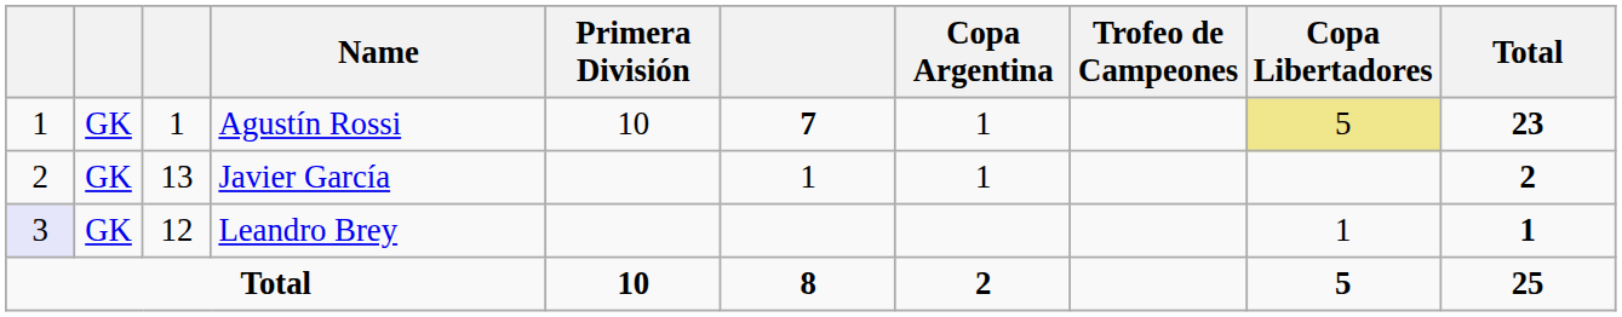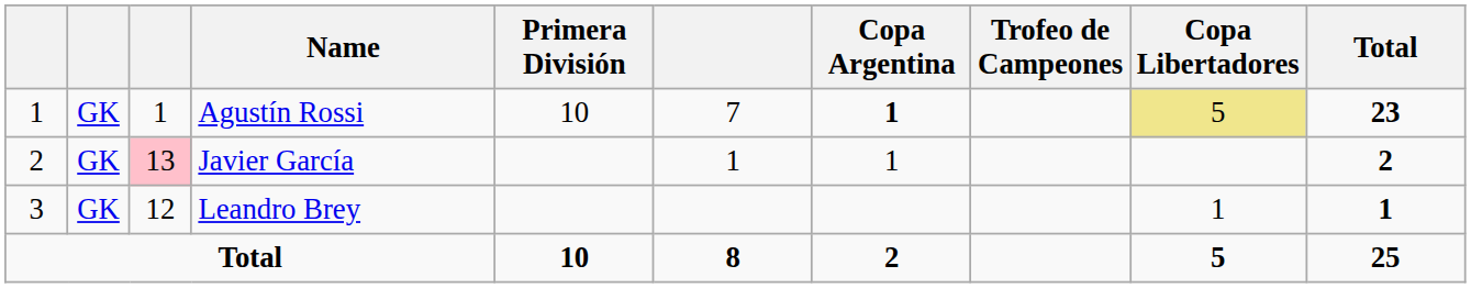 <table class="wikitable sortable" style="font-size: 95%; text-align: center;">
 <tr>
 <th width=25></th>
 <th width=25></th>
 <th width=25></th>
 <th width=150>Name</th>
 <th width= 75>Primera División</th>
 <th width= 75></th>
 <th width= 75>Copa Argentina</th>
 <th width= 75>Trofeo de Campeones</th>
 <th width= 75>Copa Libertadores</th>
 <th width= 75>Total</th>
 </tr>
 <tr>
 <td>1</td>
 <td><a href='#'>GK</a></td>
 <td>1</td>
 <td align=left> <a href='#'>Agustín Rossi</a></td>
 <td>10</td>
-<td><strong>7</strong></td>
-<td>1</td>
+<td>7</td>
+<td><strong>1</strong></td>
 <td></td>
 <td style="background: khaki;">5</td>
 <td><strong>23</strong></td>
 </tr>
 <tr>
 <td>2</td>
 <td><a href='#'>GK</a></td>
-<td>13</td>
+<td style="background: pink;">13</td>
 <td align=left> <a href='#'>Javier García</a></td>
 <td></td>
 <td>1</td>
 <td>1</td>
 <td></td>
 <td></td>
 <td><strong>2</strong></td>
 </tr>
 <tr>
-<td style="background: lavender;">3</td>
+<td>3</td>
 <td><a href='#'>GK</a></td>
 <td>12</td>
 <td align=left> <a href='#'>Leandro Brey</a></td>
 <td></td>
 <td></td>
 <td></td>
 <td></td>
 <td>1</td>
 <td><strong>1</strong></td>
 </tr>
 <tr align=center>
 <td colspan=4><strong>Total</strong></td>
 <td><strong>10</strong></td>
 <td><strong>8</strong></td>
 <td><strong>2</strong></td>
 <td><strong> </strong></td>
 <td><strong>5</strong></td>
 <td><strong>25</strong></td>
 </tr>
 </table>
